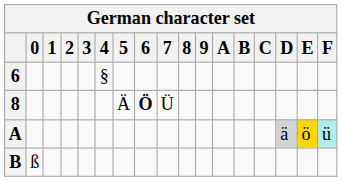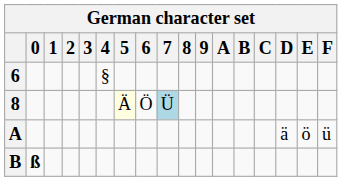 <table class="wikitable">
 <tr>
 <th colspan="17">German character set</th>
 </tr>
 <tr>
 <th></th>
 <th>0</th>
 <th>1</th>
 <th>2</th>
 <th>3</th>
 <th>4</th>
 <th>5</th>
 <th>6</th>
 <th>7</th>
 <th>8</th>
 <th>9</th>
 <th>A</th>
 <th>B</th>
 <th>C</th>
 <th>D</th>
 <th>E</th>
 <th>F</th>
 </tr>
 <tr>
 <th>6</th>
 <td></td>
 <td></td>
 <td></td>
 <td></td>
 <td>§</td>
 <td></td>
 <td></td>
 <td></td>
 <td></td>
 <td></td>
 <td></td>
 <td></td>
 <td></td>
 <td></td>
 <td></td>
 <td></td>
 </tr>
 <tr>
 <th>8</th>
 <td></td>
 <td></td>
 <td></td>
 <td></td>
 <td></td>
-<td>Ä</td>
-<td><strong>Ö</strong></td>
-<td>Ü</td>
+<td style="background: lightyellow;">Ä</td>
+<td>Ö</td>
+<td style="background: lightblue;">Ü</td>
 <td></td>
 <td></td>
 <td></td>
 <td></td>
 <td></td>
 <td></td>
 <td></td>
 <td></td>
 </tr>
 <tr>
 <th>A</th>
 <td></td>
 <td></td>
 <td></td>
 <td></td>
 <td></td>
 <td></td>
 <td></td>
 <td></td>
 <td></td>
 <td></td>
 <td></td>
 <td></td>
 <td></td>
-<td style="background: lightgrey;">ä</td>
-<td style="background: gold;">ö</td>
-<td style="background: paleturquoise;">ü</td>
+<td>ä</td>
+<td>ö</td>
+<td>ü</td>
 </tr>
 <tr>
 <th>B</th>
-<td>ß</td>
+<td><strong>ß</strong></td>
 <td></td>
 <td></td>
 <td></td>
 <td></td>
 <td></td>
 <td></td>
 <td></td>
 <td></td>
 <td></td>
 <td></td>
 <td></td>
 <td></td>
 <td></td>
 <td></td>
 <td></td>
 </tr>
 </table>
